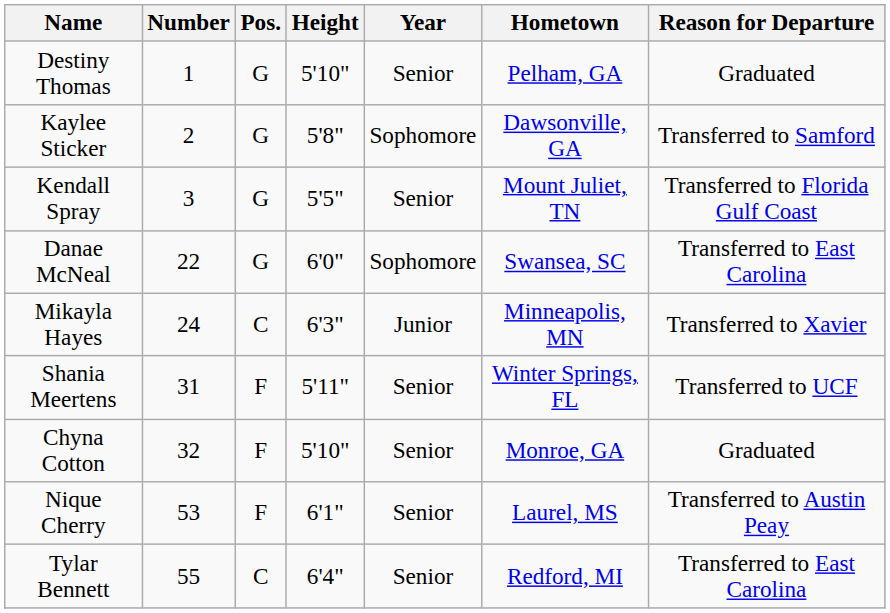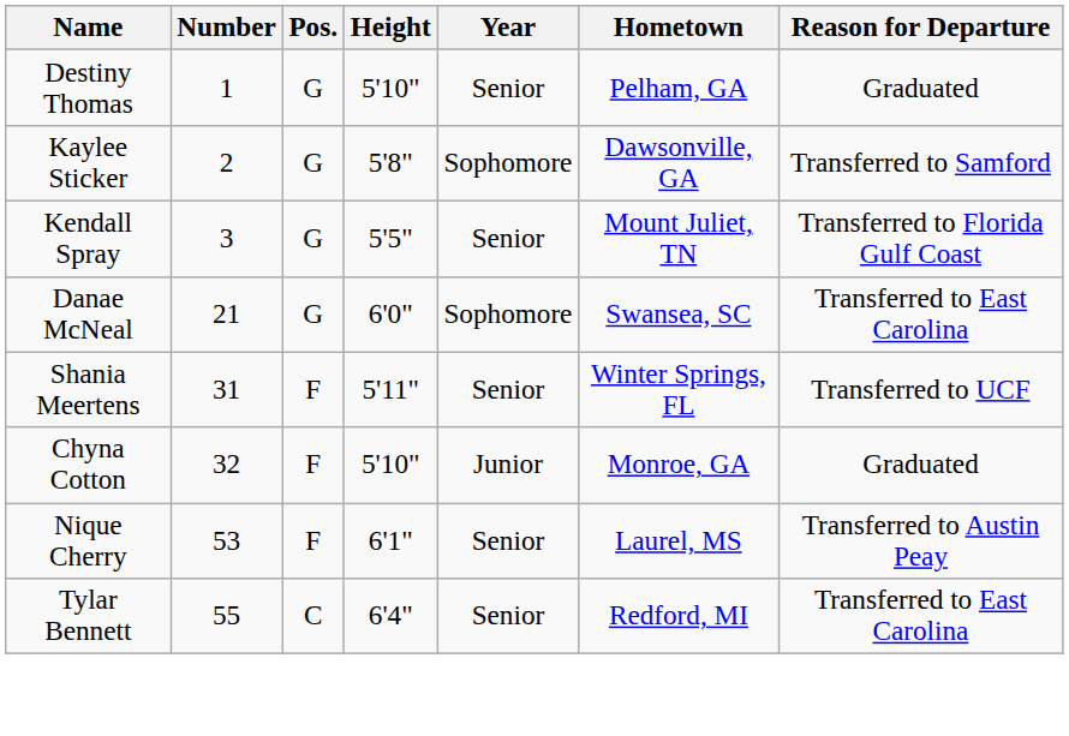 <table class="wikitable sortable" border="1" style="text-align: center;">
 <tr align=center>
 <th>Name</th>
 <th>Number</th>
 <th>Pos.</th>
 <th>Height</th>
 <th>Year</th>
 <th>Hometown</th>
 <th>Reason for Departure</th>
 </tr>
 <tr>
 <td>Destiny Thomas</td>
 <td>1</td>
 <td>G</td>
 <td>5'10"</td>
 <td>Senior</td>
 <td><a href='#'>Pelham, GA</a></td>
 <td>Graduated</td>
 </tr>
 <tr>
 <td>Kaylee Sticker</td>
 <td>2</td>
 <td>G</td>
 <td>5'8"</td>
 <td>Sophomore</td>
 <td><a href='#'>Dawsonville, GA</a></td>
 <td>Transferred to <a href='#'>Samford</a></td>
 </tr>
 <tr>
 <td>Kendall Spray</td>
 <td>3</td>
 <td>G</td>
 <td>5'5"</td>
 <td> Senior</td>
 <td><a href='#'>Mount Juliet, TN</a></td>
 <td>Transferred to <a href='#'>Florida Gulf Coast</a></td>
 </tr>
 <tr>
 <td>Danae McNeal</td>
-<td>22</td>
+<td>21</td>
 <td>G</td>
 <td>6'0"</td>
 <td>Sophomore</td>
 <td><a href='#'>Swansea, SC</a></td>
 <td>Transferred to <a href='#'>East Carolina</a></td>
-</tr>
-<tr>
-<td>Mikayla Hayes</td>
-<td>24</td>
-<td>C</td>
-<td>6'3"</td>
-<td> Junior</td>
-<td><a href='#'>Minneapolis, MN</a></td>
-<td>Transferred to <a href='#'>Xavier</a></td>
 </tr>
 <tr>
 <td>Shania Meertens</td>
 <td>31</td>
 <td>F</td>
 <td>5'11"</td>
 <td>Senior</td>
 <td><a href='#'>Winter Springs, FL</a></td>
 <td>Transferred to <a href='#'>UCF</a></td>
 </tr>
 <tr>
 <td>Chyna Cotton</td>
 <td>32</td>
 <td>F</td>
 <td>5'10"</td>
-<td>Senior</td>
+<td> Junior</td>
 <td><a href='#'>Monroe, GA</a></td>
 <td>Graduated</td>
 </tr>
 <tr>
 <td>Nique Cherry</td>
 <td>53</td>
 <td>F</td>
 <td>6'1"</td>
 <td>Senior</td>
 <td><a href='#'>Laurel, MS</a></td>
 <td>Transferred to <a href='#'>Austin Peay</a></td>
 </tr>
 <tr>
 <td>Tylar Bennett</td>
 <td>55</td>
 <td>C</td>
 <td>6'4"</td>
 <td>Senior</td>
 <td><a href='#'>Redford, MI</a></td>
 <td>Transferred to <a href='#'>East Carolina</a></td>
 </tr>
 </table>
